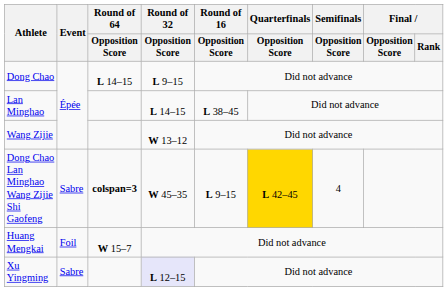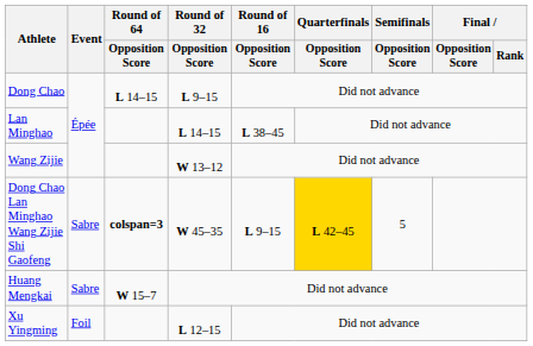 <table class="wikitable" style="font-size:90%">
 <tr>
 <th rowspan="2">Athlete</th>
 <th rowspan="2">Event</th>
 <th>Round of 64</th>
 <th>Round of 32</th>
 <th>Round of 16</th>
 <th>Quarterfinals</th>
 <th>Semifinals</th>
 <th colspan=2>Final / </th>
 </tr>
 <tr style="font-size:95%">
 <th>Opposition <br> Score</th>
 <th>Opposition <br> Score</th>
 <th>Opposition <br> Score</th>
 <th>Opposition <br> Score</th>
 <th>Opposition <br> Score</th>
 <th>Opposition <br> Score</th>
 <th>Rank</th>
 </tr>
 <tr align=center>
 <td align=left><a href='#'>Dong Chao</a></td>
 <td align=left rowspan=3><a href='#'>Épée</a></td>
 <td><br> <strong>L</strong> 14–15</td>
 <td> <br> <strong>L</strong> 9–15</td>
 <td colspan=5>Did not advance</td>
 </tr>
 <tr align=center>
 <td align=left><a href='#'>Lan Minghao</a></td>
 <td></td>
 <td><br><strong>L</strong> 14–15</td>
 <td><br><strong>L</strong> 38–45</td>
 <td colspan=4>Did not advance</td>
 </tr>
 <tr align=center>
 <td align=left><a href='#'>Wang Zijie</a></td>
 <td></td>
 <td><br> <strong>W</strong> 13–12</td>
 <td colspan=5>Did not advance</td>
 </tr>
 <tr align=center>
 <td align=left><a href='#'>Dong Chao</a><br><a href='#'>Lan Minghao</a><br><a href='#'>Wang Zijie</a><br><a href='#'>Shi Gaofeng</a></td>
 <td align=left><a href='#'>Sabre</a></td>
 <td><strong>colspan=3 </strong></td>
 <td><br><strong>W</strong> 45–35</td>
 <td><br><strong>L</strong> 9–15</td>
 <td style="background: gold;"><br><strong>L</strong> 42–45</td>
-<td>4</td>
+<td>5</td>
 </tr>
 <tr align=center>
 <td align=left><a href='#'>Huang Mengkai</a></td>
-<td align=left><a href='#'>Foil</a></td>
+<td align=left><a href='#'>Sabre</a></td>
 <td> <br> <strong>W</strong> 15–7</td>
 <td colspan=6>Did not advance</td>
 </tr>
 <tr align=center>
 <td align=left><a href='#'>Xu Yingming</a></td>
-<td align=left><a href='#'>Sabre</a></td>
+<td align=left><a href='#'>Foil</a></td>
 <td></td>
-<td style="background: lavender;"> <br> <strong>L</strong> 12–15</td>
+<td> <br> <strong>L</strong> 12–15</td>
 <td colspan=5>Did not advance</td>
 </tr>
 </table>
